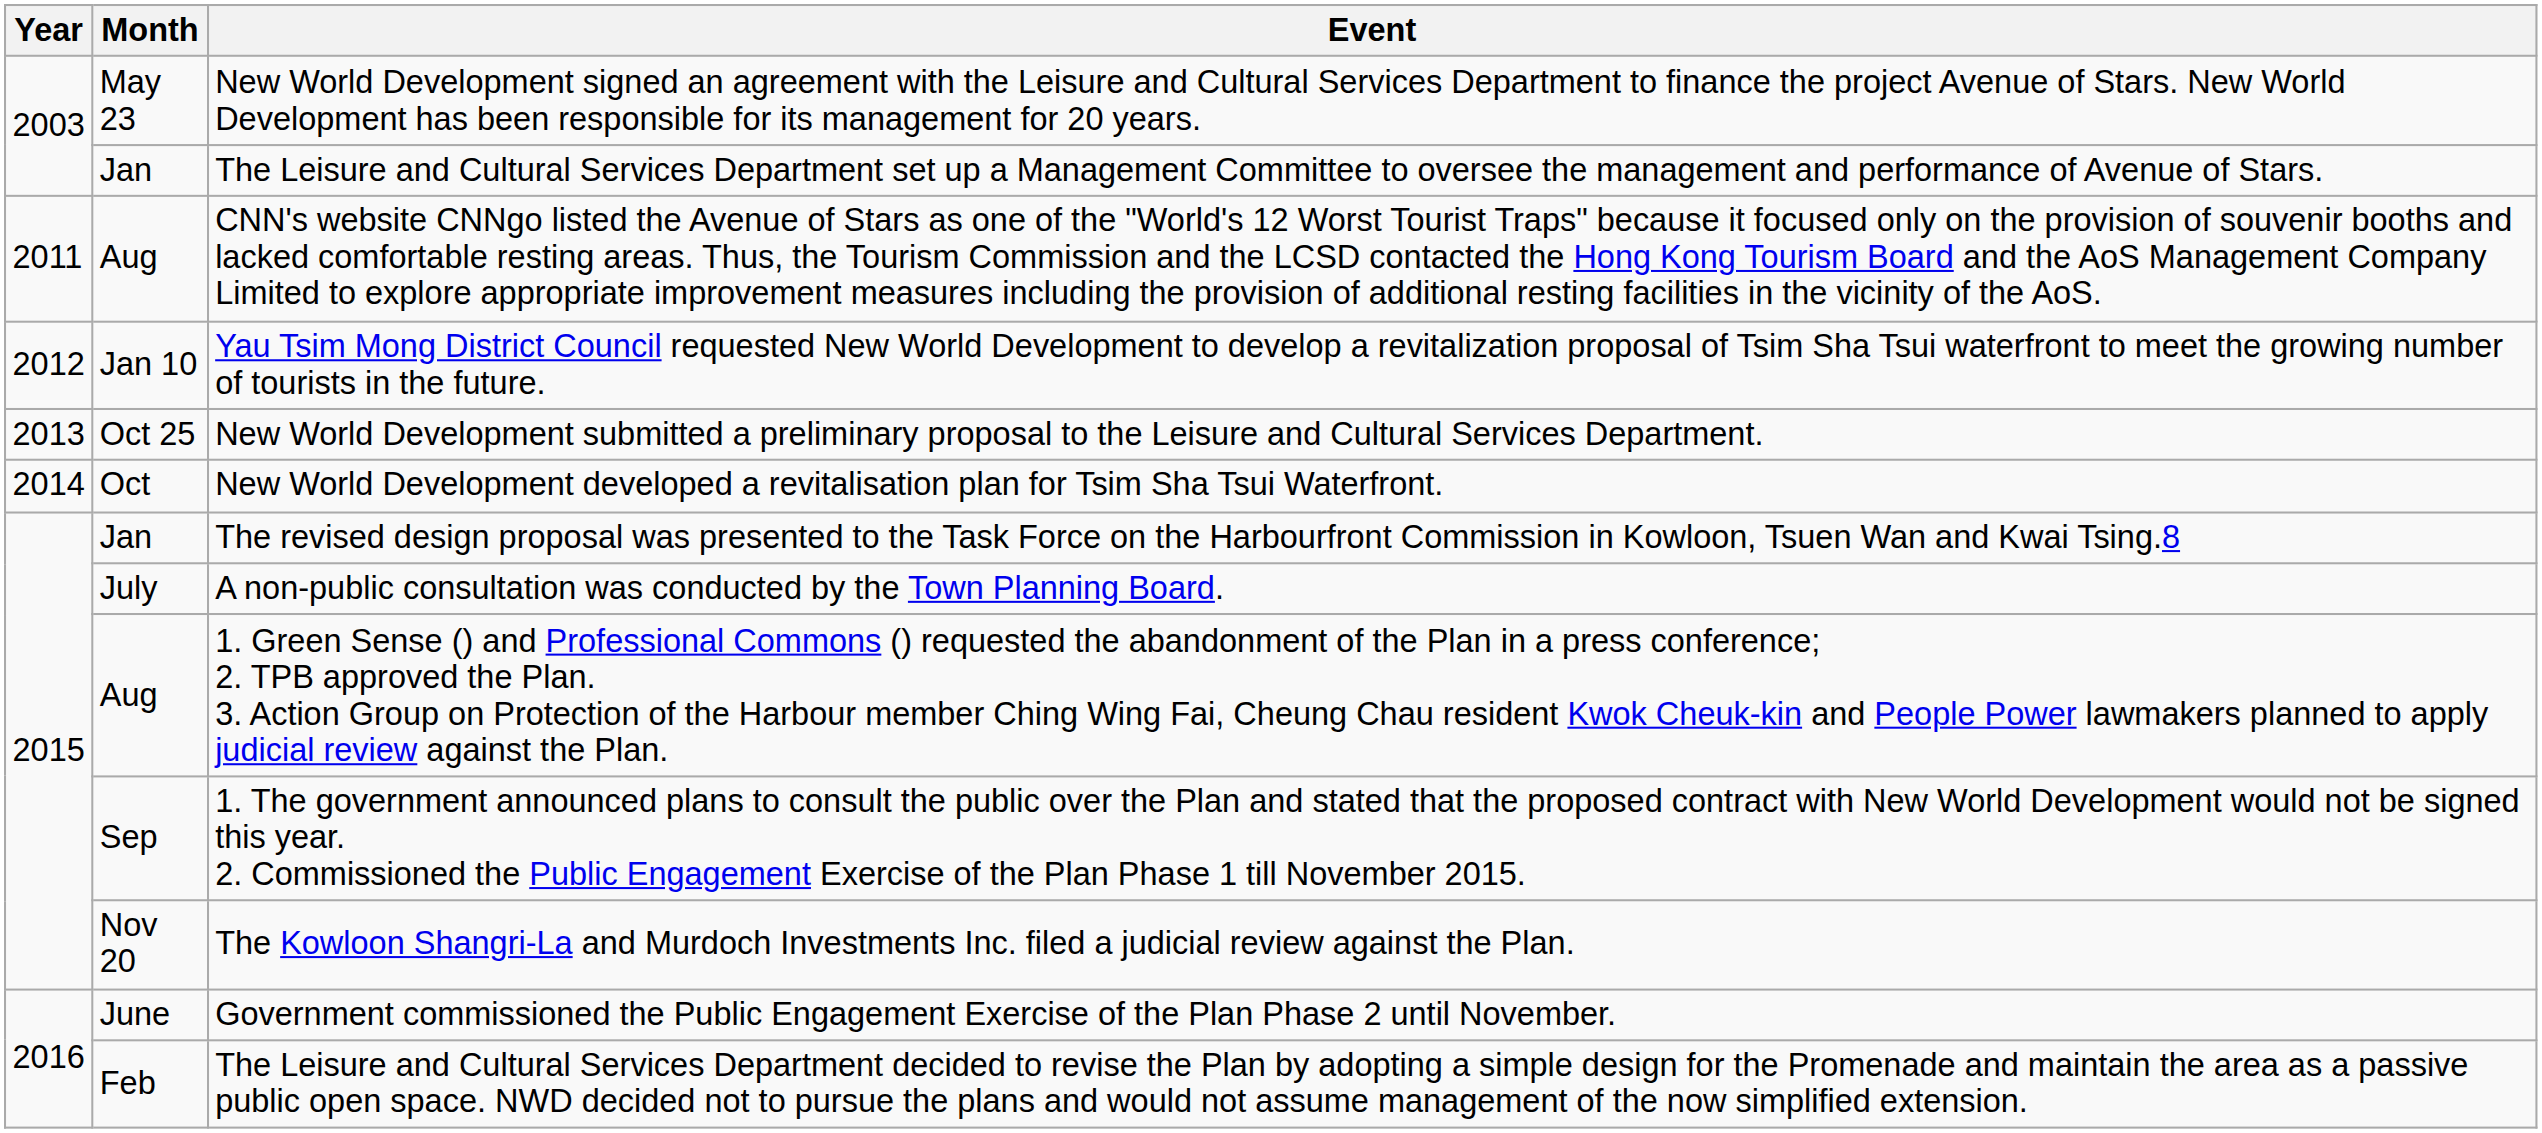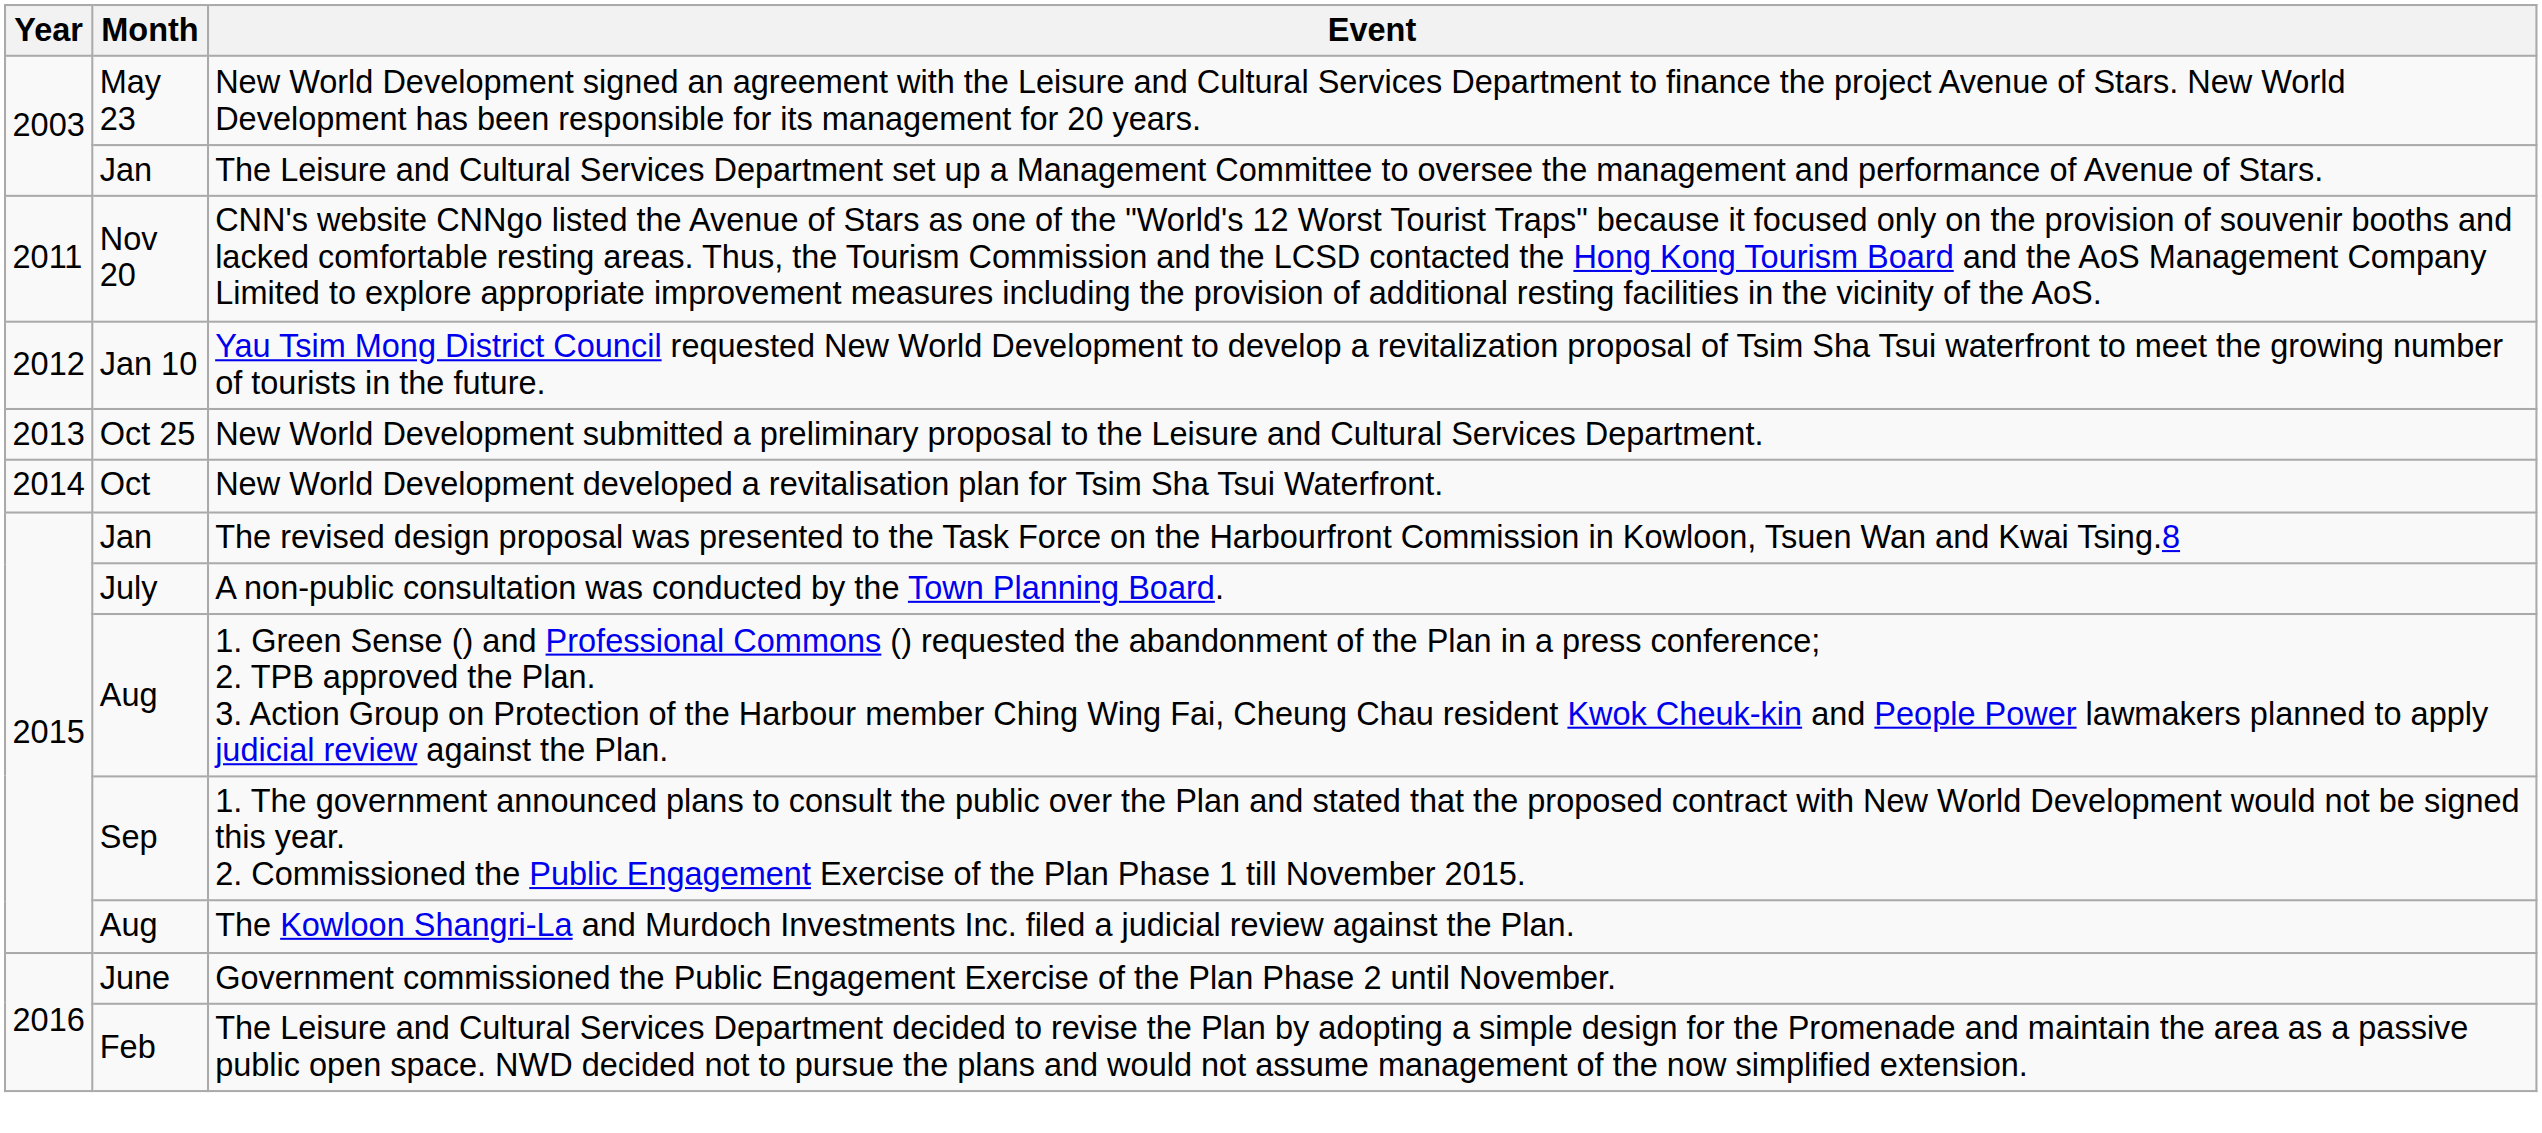 <table class="wikitable">
 <tr>
 <th>Year</th>
 <th>Month</th>
 <th>Event</th>
 </tr>
 <tr>
 <td rowspan="2">2003</td>
 <td>May 23</td>
 <td>New World Development signed an agreement with the Leisure and Cultural Services Department to finance the project Avenue of Stars. New World Development has been responsible for its management for 20 years.</td>
 </tr>
 <tr>
 <td>Jan</td>
 <td>The Leisure and Cultural Services Department set up a Management Committee to oversee the management and performance of Avenue of Stars.</td>
 </tr>
 <tr>
 <td>2011</td>
-<td>Aug</td>
+<td>Nov 20</td>
 <td>CNN's website CNNgo listed the Avenue of Stars as one of the "World's 12 Worst Tourist Traps" because it focused only on the provision of souvenir booths and lacked comfortable resting areas. Thus, the Tourism Commission and the LCSD contacted the <a href='#'>Hong Kong Tourism Board</a> and the AoS Management Company Limited to explore appropriate improvement measures including the provision of additional resting facilities in the vicinity of the AoS.</td>
 </tr>
 <tr>
 <td>2012</td>
 <td>Jan 10</td>
 <td><a href='#'>Yau Tsim Mong District Council</a> requested New World Development to develop a revitalization proposal of Tsim Sha Tsui waterfront to meet the growing number of tourists in the future.</td>
 </tr>
 <tr>
 <td>2013</td>
 <td>Oct 25</td>
 <td>New World Development submitted a preliminary proposal to the Leisure and Cultural Services Department.</td>
 </tr>
 <tr>
 <td>2014</td>
 <td>Oct</td>
 <td>New World Development developed a revitalisation plan for Tsim Sha Tsui Waterfront.</td>
 </tr>
 <tr>
 <td rowspan="5">2015</td>
 <td>Jan</td>
 <td>The revised design proposal was presented to the Task Force on the Harbourfront Commission in Kowloon, Tsuen Wan and Kwai Tsing.<a href='#'>8</a></td>
 </tr>
 <tr>
 <td>July</td>
 <td>A non-public consultation was conducted by the <a href='#'>Town Planning Board</a>.</td>
 </tr>
 <tr>
 <td>Aug</td>
 <td>1. Green Sense () and <a href='#'>Professional Commons</a> () requested the abandonment of the Plan in a press conference;<br>2. TPB approved the Plan.<br>3. Action Group on Protection of the Harbour member Ching Wing Fai, Cheung Chau resident <a href='#'>Kwok Cheuk-kin</a> and <a href='#'>People Power</a> lawmakers planned to apply <a href='#'>judicial review</a> against the Plan.</td>
 </tr>
 <tr>
 <td>Sep</td>
 <td>1. The government announced plans to consult the public over the Plan and stated that the proposed contract with New World Development would not be signed this year.<br>2. Commissioned the <a href='#'>Public Engagement</a> Exercise of the Plan Phase 1 till November 2015.</td>
 </tr>
 <tr>
-<td>Nov 20</td>
+<td>Aug</td>
 <td>The <a href='#'>Kowloon Shangri-La</a> and Murdoch Investments Inc. filed a judicial review against the Plan.</td>
 </tr>
 <tr>
 <td rowspan="2">2016</td>
 <td>June</td>
 <td>Government commissioned the Public Engagement Exercise of the Plan Phase 2 until November.</td>
 </tr>
 <tr>
 <td>Feb</td>
 <td>The Leisure and Cultural Services Department decided to revise the Plan by adopting a simple design for the Promenade and maintain the area as a passive public open space. NWD decided not to pursue the plans and would not assume management of the now simplified extension.</td>
 </tr>
 </table>
